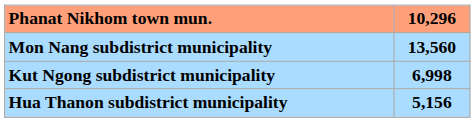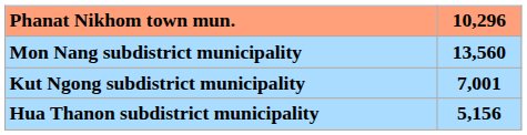 <table class="wikitable" style="width:48%; display:inline-table;">
 <tr>
 <td style= "background: #ffa07a;"><strong>Phanat Nikhom town mun.</strong></td>
 <td style= "background: #ffa07a; text-align:center;"><strong>10,296</strong></td>
 </tr>
 <tr>
 <td style= "background: #aadcff;"><strong>Mon Nang subdistrict municipality</strong></td>
 <td style= "background: #aadcff; text-align:center;"><strong>13,560</strong></td>
 </tr>
 <tr>
 <td style= "background: #aadcff;"><strong>Kut Ngong subdistrict municipality</strong></td>
-<td style= "background: #aadcff; text-align:center;"><strong>6,998</strong></td>
+<td style= "background: #aadcff; text-align:center;"><strong>7,001</strong></td>
 </tr>
 <tr>
 <td style= "background: #aadcff;"><strong>Hua Thanon subdistrict municipality</strong></td>
 <td style= "background: #aadcff; text-align:center;"><strong>5,156</strong></td>
 </tr>
 </table>
